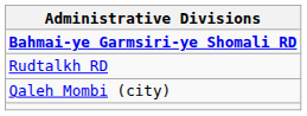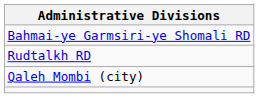 <table class="wikitable">
 <tr>
 <th>Administrative Divisions</th>
 </tr>
 <tr>
-<td><strong><a href='#'>Bahmai-ye Garmsiri-ye Shomali RD</a></strong></td>
+<td><a href='#'>Bahmai-ye Garmsiri-ye Shomali RD</a></td>
 </tr>
 <tr>
 <td><a href='#'>Rudtalkh RD</a></td>
 </tr>
 <tr>
 <td><a href='#'>Qaleh Mombi</a> (city)</td>
 </tr>
 <tr>
 <td colspan=1></td>
 </tr>
 </table>
